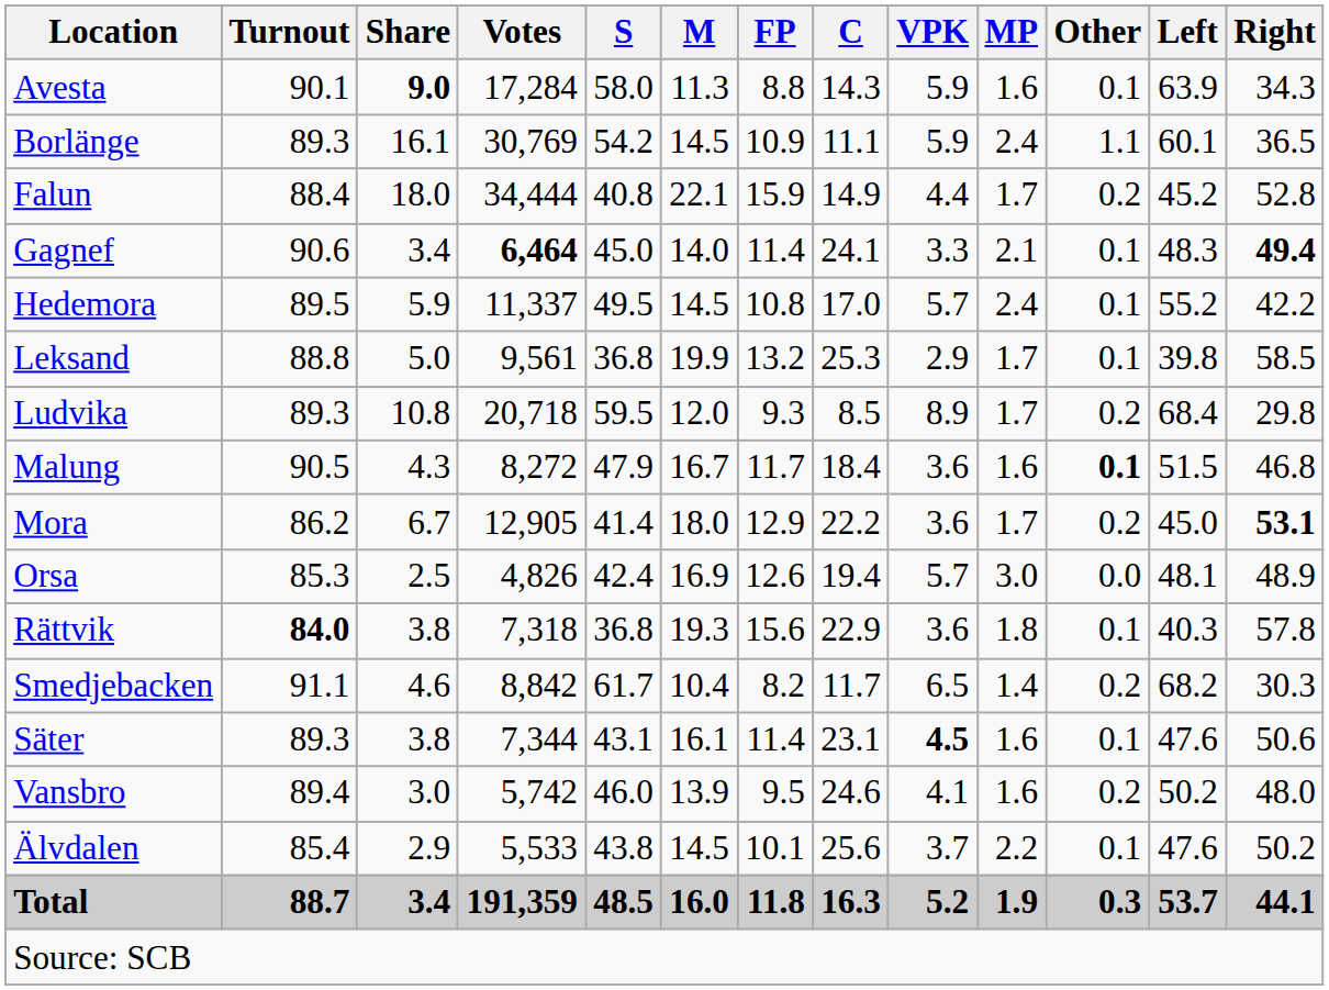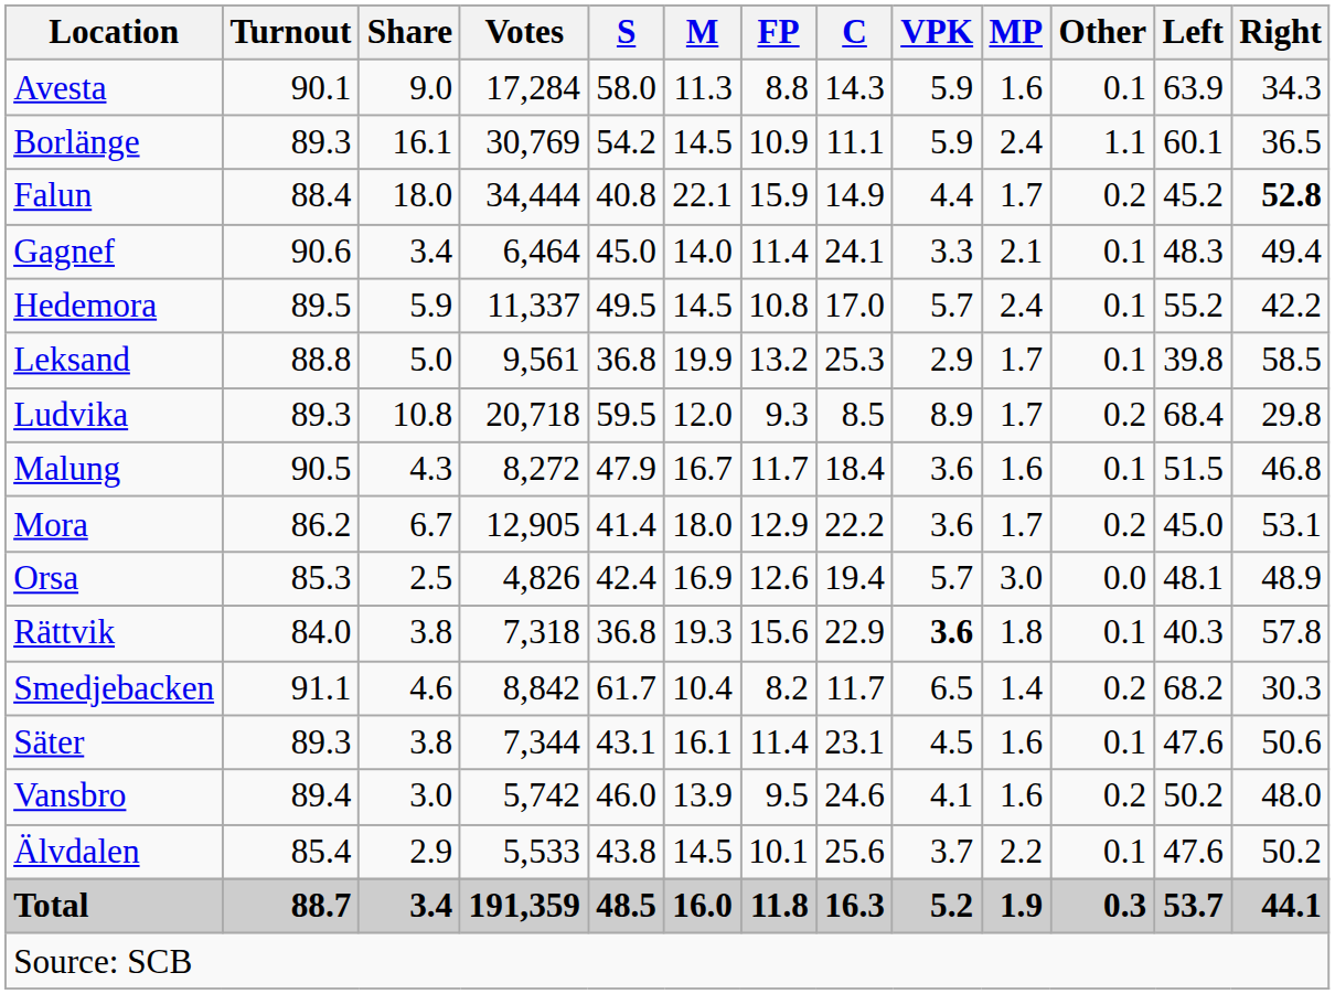 <table class="wikitable sortable" style=text-align:right>
 <tr>
 <th>Location</th>
 <th>Turnout</th>
 <th>Share</th>
 <th>Votes</th>
 <th><a href='#'>S</a></th>
 <th><a href='#'>M</a></th>
 <th><a href='#'>FP</a></th>
 <th><a href='#'>C</a></th>
 <th><a href='#'>VPK</a></th>
 <th><a href='#'>MP</a></th>
 <th>Other</th>
 <th>Left</th>
 <th>Right</th>
 </tr>
 <tr>
 <td align=left><a href='#'>Avesta</a></td>
 <td>90.1</td>
-<td><strong>9.0</strong></td>
+<td>9.0</td>
 <td>17,284</td>
 <td>58.0</td>
 <td>11.3</td>
 <td>8.8</td>
 <td>14.3</td>
 <td>5.9</td>
 <td>1.6</td>
 <td>0.1</td>
 <td>63.9</td>
 <td>34.3</td>
 </tr>
 <tr>
 <td align=left><a href='#'>Borlänge</a></td>
 <td>89.3</td>
 <td>16.1</td>
 <td>30,769</td>
 <td>54.2</td>
 <td>14.5</td>
 <td>10.9</td>
 <td>11.1</td>
 <td>5.9</td>
 <td>2.4</td>
 <td>1.1</td>
 <td>60.1</td>
 <td>36.5</td>
 </tr>
 <tr>
 <td align=left><a href='#'>Falun</a></td>
 <td>88.4</td>
 <td>18.0</td>
 <td>34,444</td>
 <td>40.8</td>
 <td>22.1</td>
 <td>15.9</td>
 <td>14.9</td>
 <td>4.4</td>
 <td>1.7</td>
 <td>0.2</td>
 <td>45.2</td>
-<td>52.8</td>
+<td><strong>52.8</strong></td>
 </tr>
 <tr>
 <td align=left><a href='#'>Gagnef</a></td>
 <td>90.6</td>
 <td>3.4</td>
-<td><strong>6,464</strong></td>
+<td>6,464</td>
 <td>45.0</td>
 <td>14.0</td>
 <td>11.4</td>
 <td>24.1</td>
 <td>3.3</td>
 <td>2.1</td>
 <td>0.1</td>
 <td>48.3</td>
-<td><strong>49.4</strong></td>
+<td>49.4</td>
 </tr>
 <tr>
 <td align=left><a href='#'>Hedemora</a></td>
 <td>89.5</td>
 <td>5.9</td>
 <td>11,337</td>
 <td>49.5</td>
 <td>14.5</td>
 <td>10.8</td>
 <td>17.0</td>
 <td>5.7</td>
 <td>2.4</td>
 <td>0.1</td>
 <td>55.2</td>
 <td>42.2</td>
 </tr>
 <tr>
 <td align=left><a href='#'>Leksand</a></td>
 <td>88.8</td>
 <td>5.0</td>
 <td>9,561</td>
 <td>36.8</td>
 <td>19.9</td>
 <td>13.2</td>
 <td>25.3</td>
 <td>2.9</td>
 <td>1.7</td>
 <td>0.1</td>
 <td>39.8</td>
 <td>58.5</td>
 </tr>
 <tr>
 <td align=left><a href='#'>Ludvika</a></td>
 <td>89.3</td>
 <td>10.8</td>
 <td>20,718</td>
 <td>59.5</td>
 <td>12.0</td>
 <td>9.3</td>
 <td>8.5</td>
 <td>8.9</td>
 <td>1.7</td>
 <td>0.2</td>
 <td>68.4</td>
 <td>29.8</td>
 </tr>
 <tr>
 <td align=left><a href='#'>Malung</a></td>
 <td>90.5</td>
 <td>4.3</td>
 <td>8,272</td>
 <td>47.9</td>
 <td>16.7</td>
 <td>11.7</td>
 <td>18.4</td>
 <td>3.6</td>
 <td>1.6</td>
-<td><strong>0.1</strong></td>
+<td>0.1</td>
 <td>51.5</td>
 <td>46.8</td>
 </tr>
 <tr>
 <td align=left><a href='#'>Mora</a></td>
 <td>86.2</td>
 <td>6.7</td>
 <td>12,905</td>
 <td>41.4</td>
 <td>18.0</td>
 <td>12.9</td>
 <td>22.2</td>
 <td>3.6</td>
 <td>1.7</td>
 <td>0.2</td>
 <td>45.0</td>
-<td><strong>53.1</strong></td>
+<td>53.1</td>
 </tr>
 <tr>
 <td align=left><a href='#'>Orsa</a></td>
 <td>85.3</td>
 <td>2.5</td>
 <td>4,826</td>
 <td>42.4</td>
 <td>16.9</td>
 <td>12.6</td>
 <td>19.4</td>
 <td>5.7</td>
 <td>3.0</td>
 <td>0.0</td>
 <td>48.1</td>
 <td>48.9</td>
 </tr>
 <tr>
 <td align=left><a href='#'>Rättvik</a></td>
-<td><strong>84.0</strong></td>
+<td>84.0</td>
 <td>3.8</td>
 <td>7,318</td>
 <td>36.8</td>
 <td>19.3</td>
 <td>15.6</td>
 <td>22.9</td>
-<td>3.6</td>
+<td><strong>3.6</strong></td>
 <td>1.8</td>
 <td>0.1</td>
 <td>40.3</td>
 <td>57.8</td>
 </tr>
 <tr>
 <td align=left><a href='#'>Smedjebacken</a></td>
 <td>91.1</td>
 <td>4.6</td>
 <td>8,842</td>
 <td>61.7</td>
 <td>10.4</td>
 <td>8.2</td>
 <td>11.7</td>
 <td>6.5</td>
 <td>1.4</td>
 <td>0.2</td>
 <td>68.2</td>
 <td>30.3</td>
 </tr>
 <tr>
 <td align=left><a href='#'>Säter</a></td>
 <td>89.3</td>
 <td>3.8</td>
 <td>7,344</td>
 <td>43.1</td>
 <td>16.1</td>
 <td>11.4</td>
 <td>23.1</td>
-<td><strong>4.5</strong></td>
+<td>4.5</td>
 <td>1.6</td>
 <td>0.1</td>
 <td>47.6</td>
 <td>50.6</td>
 </tr>
 <tr>
 <td align=left><a href='#'>Vansbro</a></td>
 <td>89.4</td>
 <td>3.0</td>
 <td>5,742</td>
 <td>46.0</td>
 <td>13.9</td>
 <td>9.5</td>
 <td>24.6</td>
 <td>4.1</td>
 <td>1.6</td>
 <td>0.2</td>
 <td>50.2</td>
 <td>48.0</td>
 </tr>
 <tr>
 <td align=left><a href='#'>Älvdalen</a></td>
 <td>85.4</td>
 <td>2.9</td>
 <td>5,533</td>
 <td>43.8</td>
 <td>14.5</td>
 <td>10.1</td>
 <td>25.6</td>
 <td>3.7</td>
 <td>2.2</td>
 <td>0.1</td>
 <td>47.6</td>
 <td>50.2</td>
 </tr>
 <tr>
 </tr>
 <tr style="background:#CDCDCD;">
 <td align=left><strong>Total</strong></td>
 <td><strong>88.7</strong></td>
 <td><strong>3.4</strong></td>
 <td><strong>191,359</strong></td>
 <td><strong>48.5</strong></td>
 <td><strong>16.0</strong></td>
 <td><strong>11.8</strong></td>
 <td><strong>16.3</strong></td>
 <td><strong>5.2</strong></td>
 <td><strong>1.9</strong></td>
 <td><strong>0.3</strong></td>
 <td><strong>53.7</strong></td>
 <td><strong>44.1</strong></td>
 </tr>
 <tr>
 <td align=left colspan=13>Source: SCB </td>
 </tr>
 </table>
